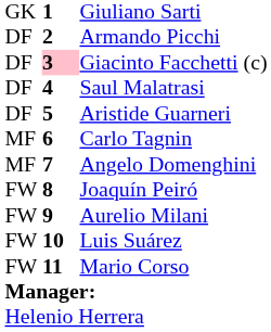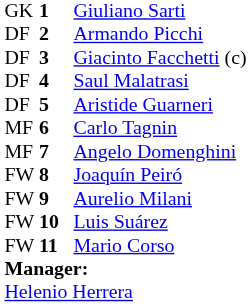 <table style="font-size:90%; margin:0.2em auto;" cellspacing="0" cellpadding="0">
 <tr>
 <th width="25"></th>
 <th width="25"></th>
 </tr>
 <tr>
 <td>GK</td>
 <td><strong>1</strong></td>
 <td> <a href='#'>Giuliano Sarti</a></td>
 </tr>
 <tr>
 <td>DF</td>
 <td><strong>2</strong></td>
 <td> <a href='#'>Armando Picchi</a></td>
 </tr>
 <tr>
 <td>DF</td>
-<td style="background: pink;"><strong>3</strong></td>
+<td><strong>3</strong></td>
 <td> <a href='#'>Giacinto Facchetti</a> (c)</td>
 </tr>
 <tr>
 <td>DF</td>
 <td><strong>4</strong></td>
 <td> <a href='#'>Saul Malatrasi</a></td>
 </tr>
 <tr>
 <td>DF</td>
 <td><strong>5</strong></td>
 <td> <a href='#'>Aristide Guarneri</a></td>
 </tr>
 <tr>
 <td>MF</td>
 <td><strong>6</strong></td>
 <td> <a href='#'>Carlo Tagnin</a></td>
 </tr>
 <tr>
 <td>MF</td>
 <td><strong>7</strong></td>
 <td> <a href='#'>Angelo Domenghini</a></td>
 </tr>
 <tr>
 <td>FW</td>
 <td><strong>8</strong></td>
 <td> <a href='#'>Joaquín Peiró</a></td>
 </tr>
 <tr>
 <td>FW</td>
 <td><strong>9</strong></td>
 <td> <a href='#'>Aurelio Milani</a></td>
 </tr>
 <tr>
 <td>FW</td>
 <td><strong>10</strong></td>
 <td> <a href='#'>Luis Suárez</a></td>
 </tr>
 <tr>
 <td>FW</td>
 <td><strong>11</strong></td>
 <td> <a href='#'>Mario Corso</a></td>
 </tr>
 <tr>
 <td colspan=3><strong>Manager:</strong></td>
 </tr>
 <tr>
 <td colspan=4> <a href='#'>Helenio Herrera</a></td>
 </tr>
 </table>
